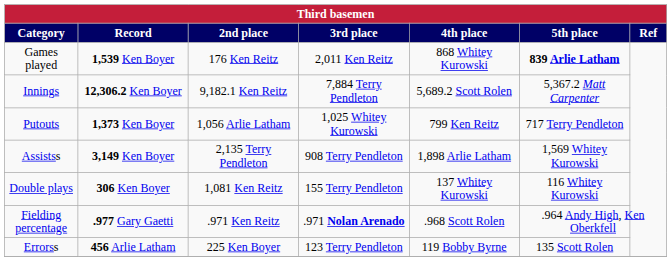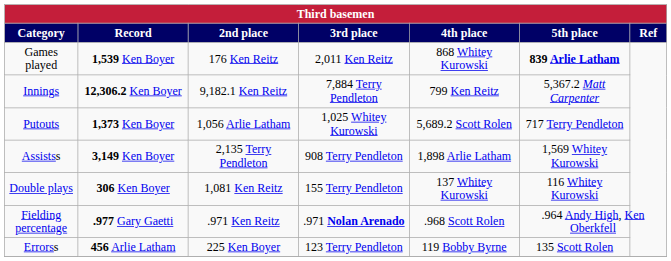 <table class="wikitable" style="text-align:center; width:100%">
 <tr>
 <th colspan=7 style="background:#C41E3A;color:#FFFFFF;">Third basemen</th>
 </tr>
 <tr>
 <th scope="col" width=10% style="background:#000066;color:#FFFFFF;">Category</th>
 <th scope="col" width=15% style="background:#000066;color:#FFFFFF;">Record</th>
 <th scope="col" width=15% style="background:#000066;color:#FFFFFF;">2nd place</th>
 <th scope="col" width=15% style="background:#000066;color:#FFFFFF;">3rd place</th>
 <th scope="col" width=15% style="background:#000066;color:#FFFFFF;">4th place</th>
 <th scope="col" width=15% style="background:#000066;color:#FFFFFF;">5th place</th>
 <th scope="col" width=5% style="background:#000066;color:#FFFFFF;">Ref</th>
 </tr>
 <tr>
 <td>Games played</td>
 <td><strong>1,539</strong> <a href='#'>Ken Boyer</a></td>
 <td>176 <a href='#'>Ken Reitz</a></td>
 <td>2,011 <a href='#'>Ken Reitz</a></td>
 <td>868 <a href='#'>Whitey Kurowski</a></td>
 <td><strong>839 <a href='#'>Arlie Latham</a></strong></td>
 <td rowspan="7" style="text-align: center;"></td>
 </tr>
 <tr>
 <td><a href='#'>Innings</a></td>
 <td><strong>12,306.2</strong> <a href='#'>Ken Boyer</a></td>
 <td>9,182.1 <a href='#'>Ken Reitz</a></td>
 <td>7,884 <a href='#'>Terry Pendleton</a></td>
-<td>5,689.2 <a href='#'>Scott Rolen</a></td>
+<td>799 <a href='#'>Ken Reitz</a></td>
 <td>5,367.2 <em><a href='#'>Matt Carpenter</a></em></td>
 </tr>
 <tr>
 <td><a href='#'>Putouts</a></td>
 <td><strong>1,373</strong> <a href='#'>Ken Boyer</a></td>
 <td>1,056 <a href='#'>Arlie Latham</a></td>
 <td>1,025 <a href='#'>Whitey Kurowski</a></td>
-<td>799 <a href='#'>Ken Reitz</a></td>
+<td>5,689.2 <a href='#'>Scott Rolen</a></td>
 <td>717 <a href='#'>Terry Pendleton</a></td>
 </tr>
 <tr>
 <td><a href='#'>Assists</a>s</td>
 <td><strong>3,149</strong> <a href='#'>Ken Boyer</a></td>
 <td>2,135 <a href='#'>Terry Pendleton</a></td>
 <td>908 <a href='#'>Terry Pendleton</a></td>
 <td>1,898 <a href='#'>Arlie Latham</a></td>
 <td>1,569 <a href='#'>Whitey Kurowski</a></td>
 </tr>
 <tr>
 <td><a href='#'>Double plays</a></td>
 <td><strong>306</strong> <a href='#'>Ken Boyer</a></td>
 <td>1,081 <a href='#'>Ken Reitz</a></td>
 <td>155 <a href='#'>Terry Pendleton</a></td>
 <td>137 <a href='#'>Whitey Kurowski</a></td>
 <td>116 <a href='#'>Whitey Kurowski</a></td>
 </tr>
 <tr>
 <td><a href='#'>Fielding percentage</a></td>
 <td><strong>.977</strong> <a href='#'>Gary Gaetti</a></td>
 <td>.971 <a href='#'>Ken Reitz</a></td>
 <td>.971 <strong><a href='#'>Nolan Arenado</a></strong></td>
 <td>.968 <a href='#'>Scott Rolen</a></td>
 <td colspan="2" style="text-align: center;">.964 <a href='#'>Andy High</a>, <a href='#'>Ken Oberkfell</a></td>
 </tr>
 <tr>
 <td><a href='#'>Errors</a>s</td>
 <td><strong>456</strong> <a href='#'>Arlie Latham</a></td>
 <td>225 <a href='#'>Ken Boyer</a></td>
 <td>123 <a href='#'>Terry Pendleton</a></td>
 <td>119 <a href='#'>Bobby Byrne</a></td>
 <td>135 <a href='#'>Scott Rolen</a></td>
 </tr>
 <tr>
 </tr>
 </table>
